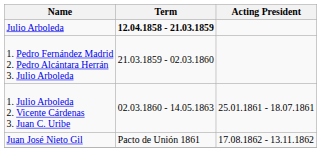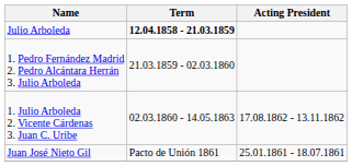 <table class="wikitable">
 <tr>
 <th>Name</th>
 <th>Term</th>
 <th>Acting President</th>
 </tr>
 <tr>
 <td><a href='#'>Julio Arboleda</a></td>
 <td><strong>12.04.1858 - 21.03.1859</strong></td>
 <td></td>
 </tr>
 <tr>
 <td><br>1. <a href='#'>Pedro Fernández Madrid</a><br> 2. <a href='#'>Pedro Alcántara Herrán</a><br> 3. <a href='#'>Julio Arboleda</a></td>
 <td>21.03.1859 - 02.03.1860</td>
 <td></td>
 </tr>
 <tr>
 <td><br>1. <a href='#'>Julio Arboleda</a><br>	 2. <a href='#'>Vicente Cárdenas</a><br>	 	  3. <a href='#'>Juan C. Uribe</a></td>
 <td>02.03.1860 - 14.05.1863</td>
-<td>25.01.1861 - 18.07.1861</td>
+<td>17.08.1862 - 13.11.1862</td>
 </tr>
 <tr>
 <td><a href='#'>Juan José Nieto Gil</a></td>
 <td>Pacto de Unión 1861</td>
-<td>17.08.1862 - 13.11.1862</td>
+<td>25.01.1861 - 18.07.1861</td>
 </tr>
 <tr>
 </tr>
 </table>
